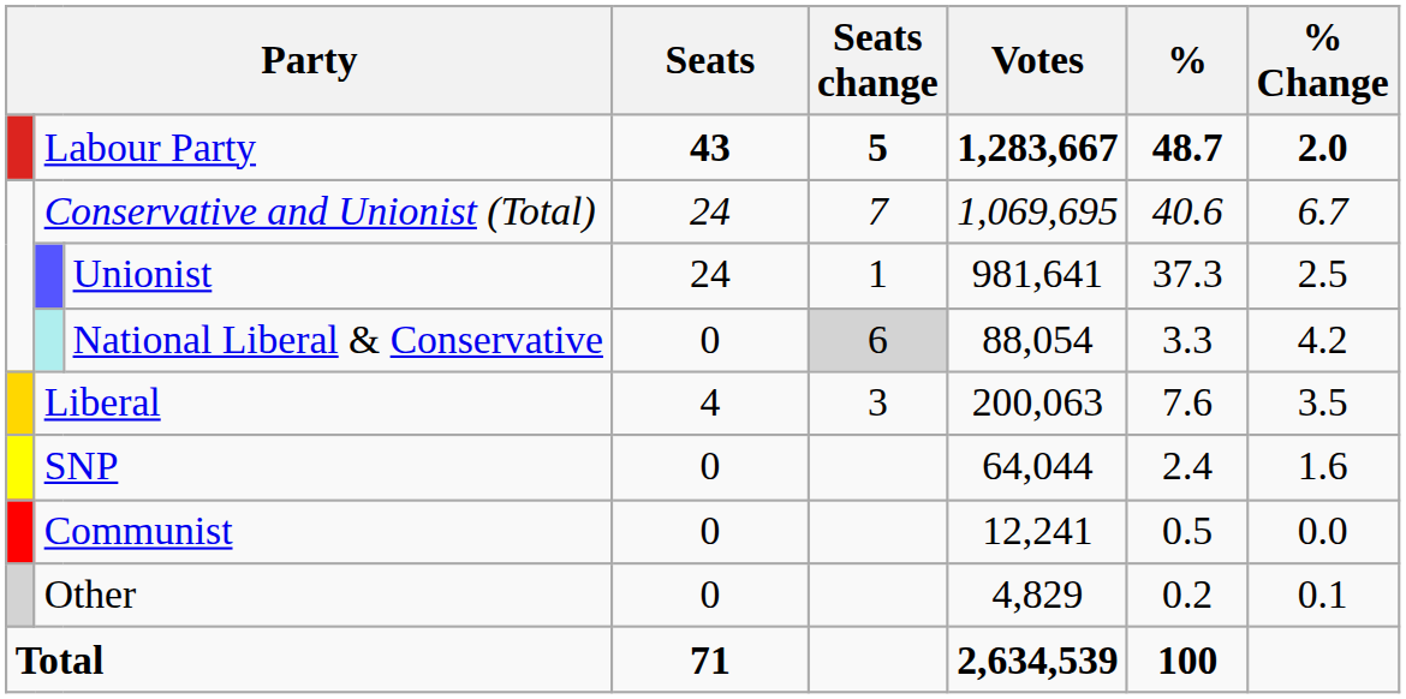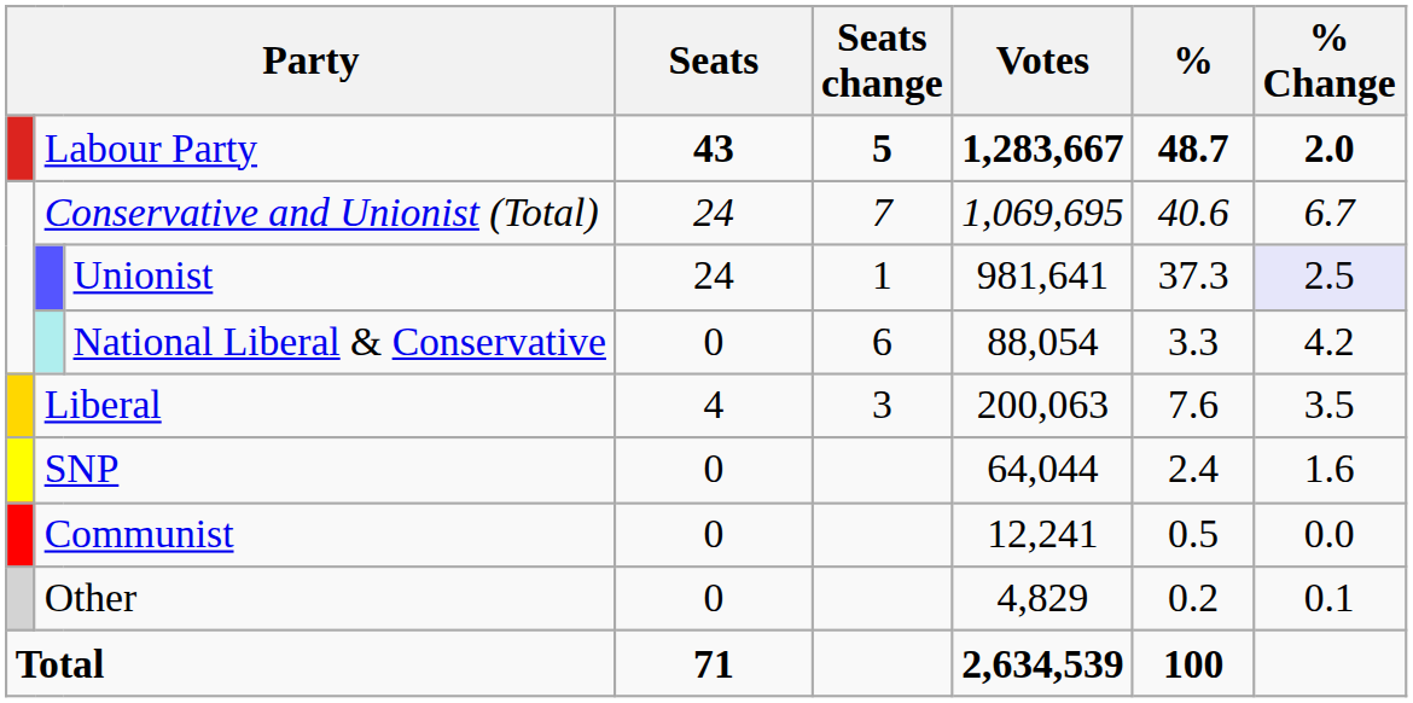 <table class="wikitable sortable">
 <tr>
 <th style="width:200px" colspan=3>Party</th>
 <th style="width:70px;">Seats</th>
 <th style="width:40px;">Seats change</th>
 <th style="width:40px;">Votes</th>
 <th style="width:40px;">%</th>
 <th style="width:40px;">% Change</th>
 </tr>
 <tr>
 <td style="background-color:#DC241f"> </td>
 <td colspan=2><a href='#'>Labour Party</a></td>
 <td align=center><strong>43</strong></td>
 <td align=center> <strong>5</strong></td>
 <td align=center><strong>1,283,667</strong></td>
 <td align=center><strong>48.7</strong></td>
 <td align=center> <strong>2.0</strong></td>
 </tr>
 <tr>
 <td rowspan= 3> </td>
 <td colspan=2><em><a href='#'>Conservative and Unionist</a> (Total)</em></td>
 <td align=center><em> 24</em></td>
 <td align=center><em>7</em></td>
 <td align=center><em>1,069,695</em></td>
 <td align=center><em>40.6</em></td>
 <td align=center><em>6.7</em></td>
 </tr>
 <tr>
 <td style="background-color:#5555FF"> </td>
 <td><a href='#'>Unionist</a></td>
 <td align="center">24</td>
 <td align="center"> 1</td>
 <td align="center">981,641</td>
 <td align="center">37.3</td>
-<td align="center"> 2.5</td>
+<td align="center" style="background: lavender;"> 2.5</td>
 </tr>
 <tr>
 <td style="background-color:#AFEEEE"> </td>
 <td><a href='#'>National Liberal</a> & <a href='#'>Conservative</a></td>
 <td align="center">0</td>
-<td align="center" style="background: lightgrey;"> 6</td>
+<td align="center"> 6</td>
 <td align="center">88,054</td>
 <td align="center">3.3</td>
 <td align="center"> 4.2</td>
 </tr>
 <tr>
 <td style="background-color:#FFD700"> </td>
 <td colspan=2><a href='#'>Liberal</a></td>
 <td align=center>4</td>
 <td align=center> 3</td>
 <td align=center>200,063</td>
 <td align=center>7.6</td>
 <td align=center> 3.5</td>
 </tr>
 <tr>
 <td style="background-color:#FFFF00"> </td>
 <td colspan=2><a href='#'>SNP</a></td>
 <td align=center>0</td>
 <td align=center></td>
 <td align=center>64,044</td>
 <td align=center>2.4</td>
 <td align=center> 1.6</td>
 </tr>
 <tr>
 <td style="background-color:#FF0000"> </td>
 <td colspan=2><a href='#'>Communist</a></td>
 <td align=center>0</td>
 <td align=center></td>
 <td align=center>12,241</td>
 <td align=center>0.5</td>
 <td align=center> 0.0</td>
 </tr>
 <tr>
 <td style="background-color:#D3D3D3"> </td>
 <td colspan=2>Other</td>
 <td align=center>0</td>
 <td align=center></td>
 <td align=center>4,829</td>
 <td align=center>0.2</td>
 <td align=center> 0.1</td>
 </tr>
 <tr>
 <td colspan=3><strong>Total</strong></td>
 <td align=center><strong>71</strong></td>
 <td align=center></td>
 <td align=center><strong>2,634,539</strong></td>
 <td align=center><strong>100</strong></td>
 <td align=center></td>
 </tr>
 </table>
